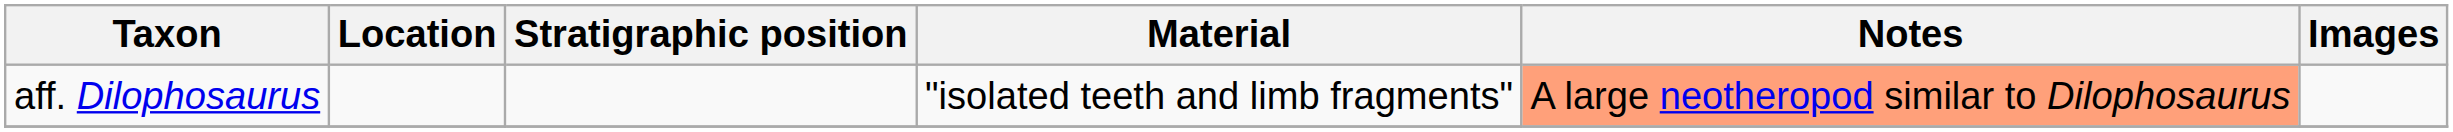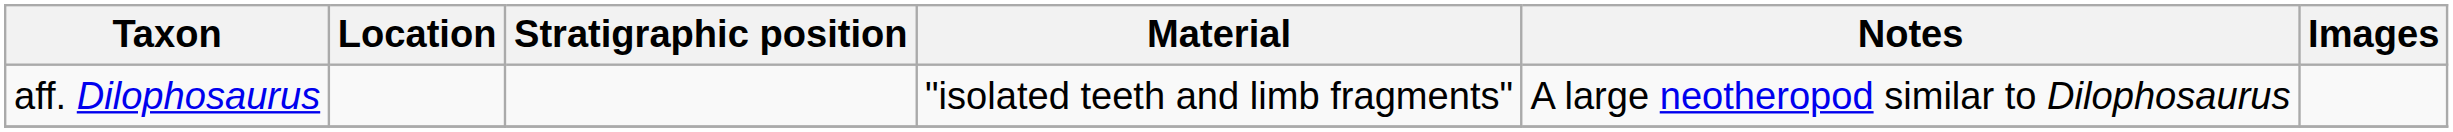 <table class="wikitable" align="center">
 <tr>
 <th>Taxon</th>
 <th>Location</th>
 <th>Stratigraphic position</th>
 <th>Material</th>
 <th>Notes</th>
 <th>Images</th>
 </tr>
 <tr>
 <td>aff. <em><a href='#'>Dilophosaurus</a></em></td>
 <td></td>
 <td></td>
 <td>"isolated teeth and limb fragments"</td>
-<td style="background: lightsalmon;">A large <a href='#'>neotheropod</a> similar to <em>Dilophosaurus</em></td>
+<td>A large <a href='#'>neotheropod</a> similar to <em>Dilophosaurus</em></td>
 <td></td>
 </tr>
 <tr>
 </tr>
 </table>
